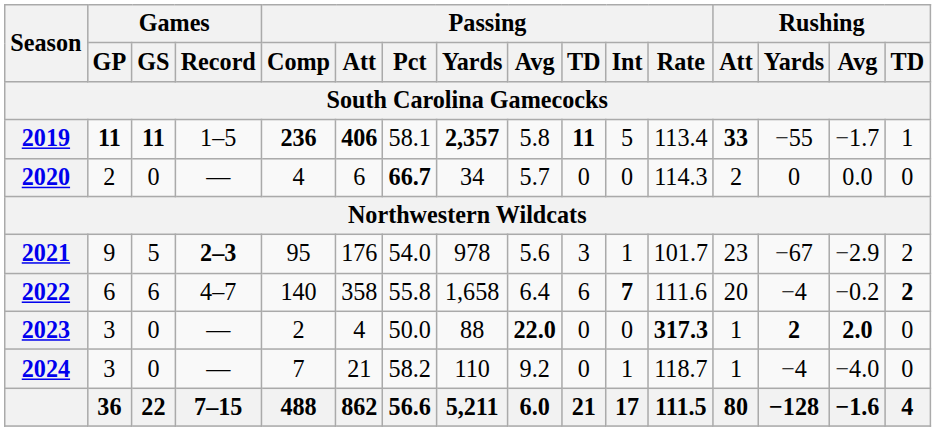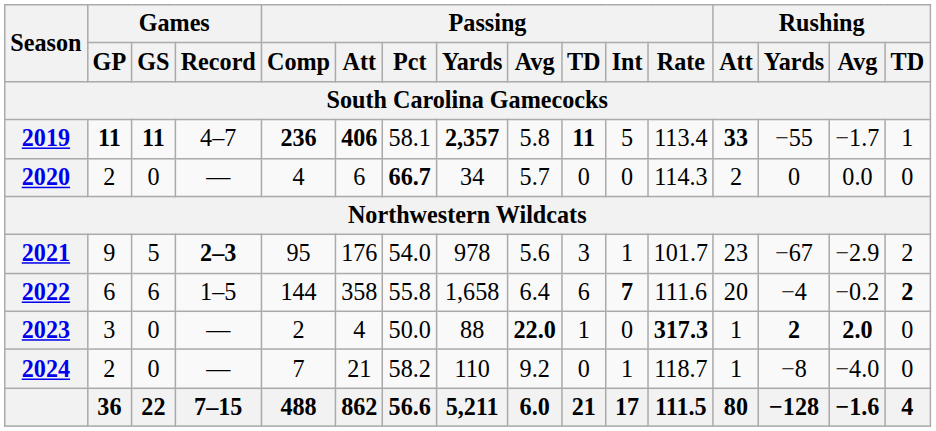 <table class="wikitable" style="text-align:center;">
 <tr>
 <th rowspan="2">Season</th>
 <th colspan="3">Games</th>
 <th colspan="8">Passing</th>
 <th colspan="4">Rushing</th>
 </tr>
 <tr>
 <th>GP</th>
 <th>GS</th>
 <th>Record</th>
 <th>Comp</th>
 <th>Att</th>
 <th>Pct</th>
 <th>Yards</th>
 <th>Avg</th>
 <th>TD</th>
 <th>Int</th>
 <th>Rate</th>
 <th>Att</th>
 <th>Yards</th>
 <th>Avg</th>
 <th>TD</th>
 </tr>
 <tr>
 <th colspan="16">South Carolina Gamecocks</th>
 </tr>
 <tr>
 <th><a href='#'>2019</a></th>
 <td><strong>11</strong></td>
 <td><strong>11</strong></td>
-<td>1–5</td>
+<td>4–7</td>
 <td><strong>236</strong></td>
 <td><strong>406</strong></td>
 <td>58.1</td>
 <td><strong>2,357</strong></td>
 <td>5.8</td>
 <td><strong>11</strong></td>
 <td>5</td>
 <td>113.4</td>
 <td><strong>33</strong></td>
 <td>−55</td>
 <td>−1.7</td>
 <td>1</td>
 </tr>
 <tr>
 <th><a href='#'>2020</a></th>
 <td>2</td>
 <td>0</td>
 <td>—</td>
 <td>4</td>
 <td>6</td>
 <td><strong>66.7</strong></td>
 <td>34</td>
 <td>5.7</td>
 <td>0</td>
 <td>0</td>
 <td>114.3</td>
 <td>2</td>
 <td>0</td>
 <td>0.0</td>
 <td>0</td>
 </tr>
 <tr>
 <th colspan="16">Northwestern Wildcats</th>
 </tr>
 <tr>
 <th><a href='#'>2021</a></th>
 <td>9</td>
 <td>5</td>
 <td><strong>2–3</strong></td>
 <td>95</td>
 <td>176</td>
 <td>54.0</td>
 <td>978</td>
 <td>5.6</td>
 <td>3</td>
 <td>1</td>
 <td>101.7</td>
 <td>23</td>
 <td>−67</td>
 <td>−2.9</td>
 <td>2</td>
 </tr>
 <tr>
 <th><a href='#'>2022</a></th>
 <td>6</td>
 <td>6</td>
-<td>4–7</td>
-<td>140</td>
+<td>1–5</td>
+<td>144</td>
 <td>358</td>
 <td>55.8</td>
 <td>1,658</td>
 <td>6.4</td>
 <td>6</td>
 <td><strong>7</strong></td>
 <td>111.6</td>
 <td>20</td>
 <td>−4</td>
 <td>−0.2</td>
 <td><strong>2</strong></td>
 </tr>
 <tr>
 <th><a href='#'>2023</a></th>
 <td>3</td>
 <td>0</td>
 <td>—</td>
 <td>2</td>
 <td>4</td>
 <td>50.0</td>
 <td>88</td>
 <td><strong>22.0</strong></td>
-<td>0</td>
+<td>1</td>
 <td>0</td>
 <td><strong>317.3</strong></td>
 <td>1</td>
 <td><strong>2</strong></td>
 <td><strong>2.0</strong></td>
 <td>0</td>
 </tr>
 <tr>
 <th><a href='#'>2024</a></th>
-<td>3</td>
+<td>2</td>
 <td>0</td>
 <td>—</td>
 <td>7</td>
 <td>21</td>
 <td>58.2</td>
 <td>110</td>
 <td>9.2</td>
 <td>0</td>
 <td>1</td>
 <td>118.7</td>
 <td>1</td>
-<td>−4</td>
+<td>−8</td>
 <td>−4.0</td>
 <td>0</td>
 </tr>
 <tr>
 <th></th>
 <th>36</th>
 <th>22</th>
 <th>7–15</th>
 <th>488</th>
 <th>862</th>
 <th>56.6</th>
 <th>5,211</th>
 <th>6.0</th>
 <th>21</th>
 <th>17</th>
 <th>111.5</th>
 <th>80</th>
 <th>−128</th>
 <th>−1.6</th>
 <th>4</th>
 </tr>
 </table>
